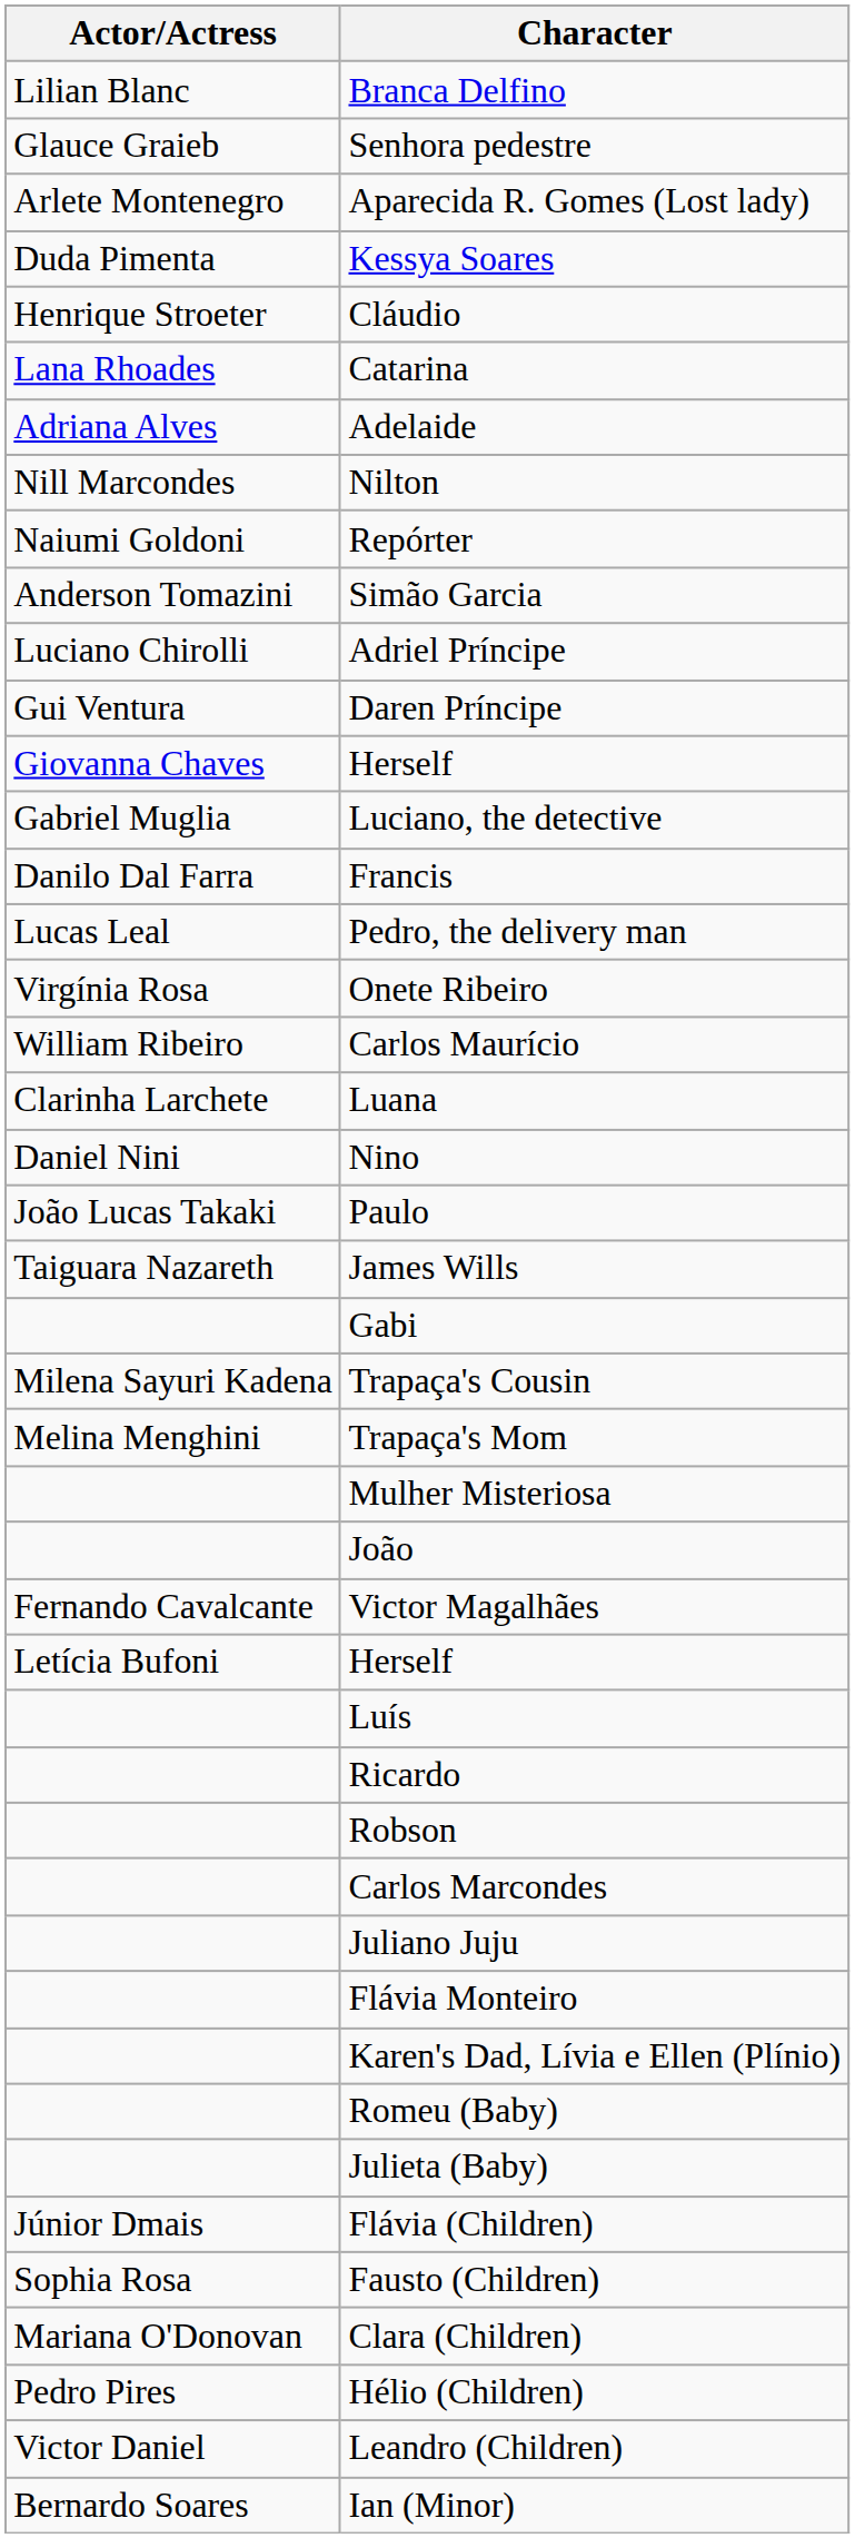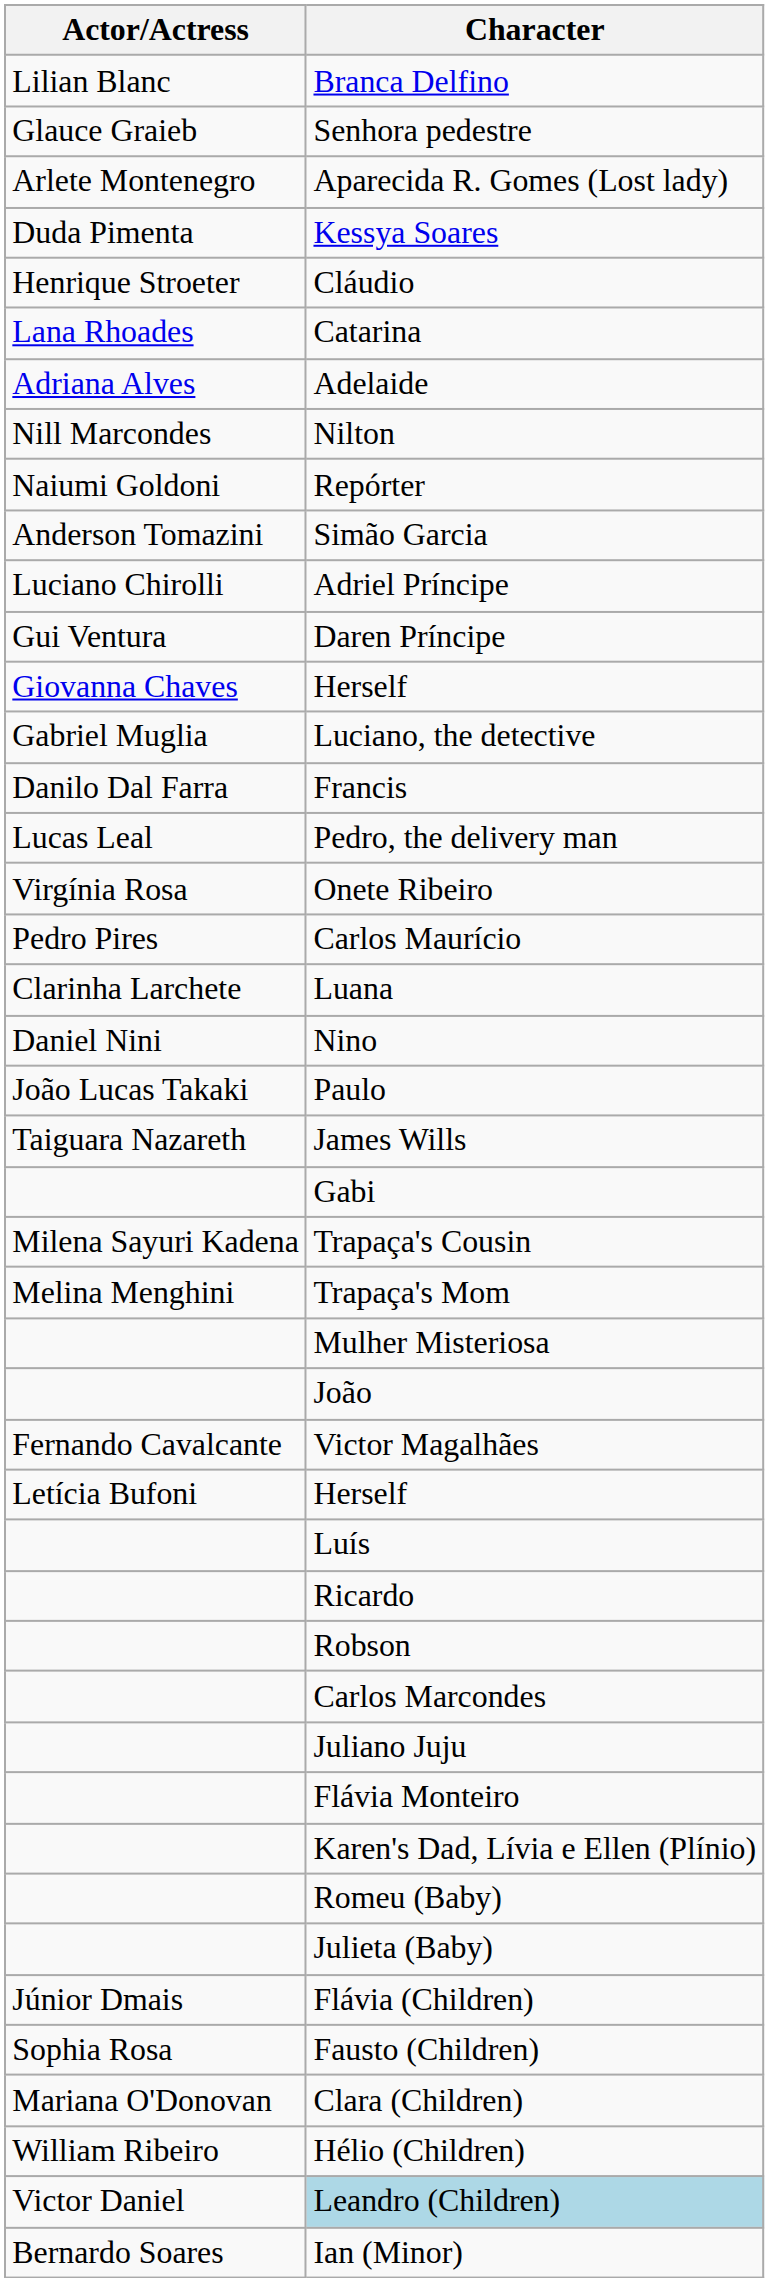 <table class="wikitable">
 <tr>
 <th>Actor/Actress</th>
 <th>Character</th>
 </tr>
 <tr>
 <td>Lilian Blanc</td>
 <td><a href='#'>Branca Delfino</a></td>
 </tr>
 <tr>
 <td>Glauce Graieb</td>
 <td>Senhora pedestre</td>
 </tr>
 <tr>
 <td>Arlete Montenegro</td>
 <td>Aparecida R. Gomes (Lost lady)</td>
 </tr>
 <tr>
 <td>Duda Pimenta</td>
 <td><a href='#'>Kessya Soares</a></td>
 </tr>
 <tr>
 <td>Henrique Stroeter</td>
 <td>Cláudio</td>
 </tr>
 <tr>
 <td><a href='#'>Lana Rhoades</a></td>
 <td>Catarina</td>
 </tr>
 <tr>
 <td><a href='#'>Adriana Alves</a></td>
 <td>Adelaide</td>
 </tr>
 <tr>
 <td>Nill Marcondes</td>
 <td>Nilton</td>
 </tr>
 <tr>
 <td>Naiumi Goldoni</td>
 <td>Repórter</td>
 </tr>
 <tr>
 <td>Anderson Tomazini</td>
 <td>Simão Garcia</td>
 </tr>
 <tr>
 <td>Luciano Chirolli</td>
 <td>Adriel Príncipe</td>
 </tr>
 <tr>
 <td>Gui Ventura</td>
 <td>Daren Príncipe</td>
 </tr>
 <tr>
 <td><a href='#'>Giovanna Chaves</a></td>
 <td>Herself</td>
 </tr>
 <tr>
 <td>Gabriel Muglia</td>
 <td>Luciano, the detective</td>
 </tr>
 <tr>
 <td>Danilo Dal Farra</td>
 <td>Francis</td>
 </tr>
 <tr>
 <td>Lucas Leal</td>
 <td>Pedro, the delivery man</td>
 </tr>
 <tr>
 <td>Virgínia Rosa</td>
 <td>Onete Ribeiro</td>
 </tr>
 <tr>
-<td>William Ribeiro</td>
+<td>Pedro Pires</td>
 <td>Carlos Maurício</td>
 </tr>
 <tr>
 <td>Clarinha Larchete</td>
 <td>Luana</td>
 </tr>
 <tr>
 <td>Daniel Nini</td>
 <td>Nino</td>
 </tr>
 <tr>
 <td>João Lucas Takaki</td>
 <td>Paulo</td>
 </tr>
 <tr>
 <td>Taiguara Nazareth</td>
 <td>James Wills</td>
 </tr>
 <tr>
 <td></td>
 <td>Gabi</td>
 </tr>
 <tr>
 <td>Milena Sayuri Kadena</td>
 <td>Trapaça's Cousin</td>
 </tr>
 <tr>
 <td>Melina Menghini</td>
 <td>Trapaça's Mom</td>
 </tr>
 <tr>
 <td></td>
 <td>Mulher Misteriosa</td>
 </tr>
 <tr>
 <td></td>
 <td>João</td>
 </tr>
 <tr>
 <td>Fernando Cavalcante</td>
 <td>Victor Magalhães</td>
 </tr>
 <tr>
 <td>Letícia Bufoni</td>
 <td>Herself</td>
 </tr>
 <tr>
 <td></td>
 <td>Luís</td>
 </tr>
 <tr>
 <td></td>
 <td>Ricardo</td>
 </tr>
 <tr>
 <td></td>
 <td>Robson</td>
 </tr>
 <tr>
 <td></td>
 <td>Carlos Marcondes</td>
 </tr>
 <tr>
 <td></td>
 <td>Juliano Juju</td>
 </tr>
 <tr>
 <td></td>
 <td>Flávia Monteiro</td>
 </tr>
 <tr>
 <td></td>
 <td>Karen's Dad, Lívia e Ellen (Plínio)</td>
 </tr>
 <tr>
 <td></td>
 <td>Romeu (Baby)</td>
 </tr>
 <tr>
 <td></td>
 <td>Julieta (Baby)</td>
 </tr>
 <tr>
 <td>Júnior Dmais</td>
 <td>Flávia (Children)</td>
 </tr>
 <tr>
 <td>Sophia Rosa</td>
 <td>Fausto (Children)</td>
 </tr>
 <tr>
 <td>Mariana O'Donovan</td>
 <td>Clara (Children)</td>
 </tr>
 <tr>
-<td>Pedro Pires</td>
+<td>William Ribeiro</td>
 <td>Hélio (Children)</td>
 </tr>
 <tr>
 <td>Victor Daniel</td>
-<td>Leandro (Children)</td>
+<td style="background: lightblue;">Leandro (Children)</td>
 </tr>
 <tr>
 <td>Bernardo Soares</td>
 <td>Ian (Minor)</td>
 </tr>
 </table>
